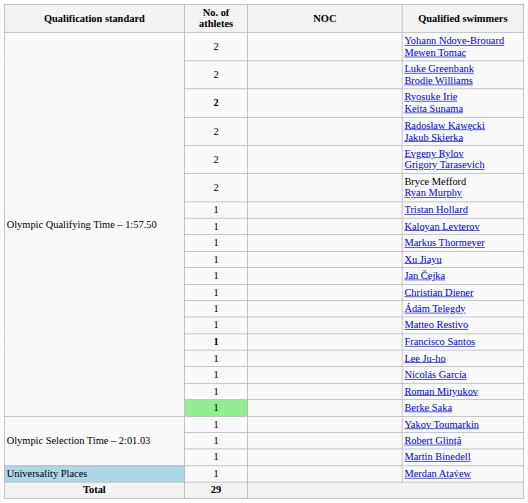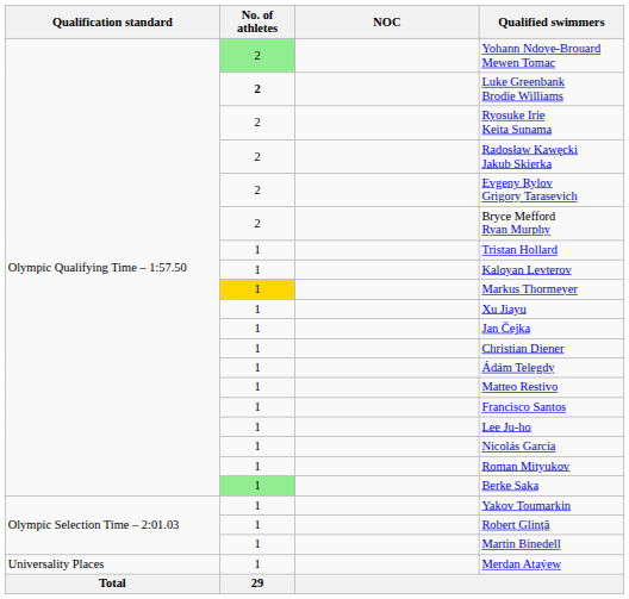 <table class=wikitable style="text-align:left" width=800>
 <tr>
 <th>Qualification standard</th>
 <th width=90>No. of athletes</th>
 <th width=230>NOC</th>
 <th>Qualified swimmers</th>
 </tr>
 <tr>
 <td rowspan=19>Olympic Qualifying Time – 1:57.50</td>
-<td align=center>2</td>
+<td align=center style="background: lightgreen;">2</td>
 <td></td>
 <td><a href='#'>Yohann Ndoye-Brouard</a><br><a href='#'>Mewen Tomac</a></td>
 </tr>
 <tr>
-<td align=center>2</td>
+<td align=center><strong>2</strong></td>
 <td></td>
 <td><a href='#'>Luke Greenbank</a><br><a href='#'>Brodie Williams</a></td>
 </tr>
 <tr>
-<td align=center><strong>2</strong></td>
+<td align=center>2</td>
 <td></td>
 <td><a href='#'>Ryosuke Irie</a><br><a href='#'>Keita Sunama</a></td>
 </tr>
 <tr>
 <td align=center>2</td>
 <td></td>
 <td><a href='#'>Radosław Kawęcki</a><br><a href='#'>Jakub Skierka</a></td>
 </tr>
 <tr>
 <td align=center>2</td>
 <td></td>
 <td><a href='#'>Evgeny Rylov</a><br><a href='#'>Grigory Tarasevich</a></td>
 </tr>
 <tr>
 <td align=center>2</td>
 <td></td>
 <td>Bryce Mefford<br><a href='#'>Ryan Murphy</a></td>
 </tr>
 <tr>
 <td align=center>1</td>
 <td></td>
 <td><a href='#'>Tristan Hollard</a></td>
 </tr>
 <tr>
 <td align=center>1</td>
 <td></td>
 <td><a href='#'>Kaloyan Levterov</a></td>
 </tr>
 <tr>
-<td align=center>1</td>
+<td align=center style="background: gold;">1</td>
 <td></td>
 <td><a href='#'>Markus Thormeyer</a></td>
 </tr>
 <tr>
 <td align=center>1</td>
 <td></td>
 <td><a href='#'>Xu Jiayu</a></td>
 </tr>
 <tr>
 <td align=center>1</td>
 <td></td>
 <td><a href='#'>Jan Čejka</a></td>
 </tr>
 <tr>
 <td align=center>1</td>
 <td></td>
 <td><a href='#'>Christian Diener</a></td>
 </tr>
 <tr>
 <td align=center>1</td>
 <td></td>
 <td><a href='#'>Ádám Telegdy</a></td>
 </tr>
 <tr>
 <td align=center>1</td>
 <td></td>
 <td><a href='#'>Matteo Restivo</a></td>
 </tr>
 <tr>
-<td align=center><strong>1</strong></td>
+<td align=center>1</td>
 <td></td>
 <td><a href='#'>Francisco Santos</a></td>
 </tr>
 <tr>
 <td align=center>1</td>
 <td></td>
 <td><a href='#'>Lee Ju-ho</a></td>
 </tr>
 <tr>
 <td align=center>1</td>
 <td></td>
 <td><a href='#'>Nicolás García</a></td>
 </tr>
 <tr>
 <td align=center>1</td>
 <td></td>
 <td><a href='#'>Roman Mityukov</a></td>
 </tr>
 <tr>
 <td align=center style="background: lightgreen;">1</td>
 <td></td>
 <td><a href='#'>Berke Saka</a></td>
 </tr>
 <tr>
 <td rowspan=3>Olympic Selection Time – 2:01.03</td>
 <td align=center>1</td>
 <td></td>
 <td><a href='#'>Yakov Toumarkin</a></td>
 </tr>
 <tr>
 <td align=center>1</td>
 <td></td>
 <td><a href='#'>Robert Glință</a></td>
 </tr>
 <tr>
 <td align=center>1</td>
 <td></td>
 <td><a href='#'>Martin Binedell</a></td>
 </tr>
 <tr>
-<td style="background: lightblue;">Universality Places</td>
+<td>Universality Places</td>
 <td align=center>1</td>
 <td></td>
 <td><a href='#'>Merdan Ataýew</a></td>
 </tr>
 <tr>
 <th><strong>Total</strong></th>
 <th>29</th>
 <th colspan=2></th>
 </tr>
 </table>
